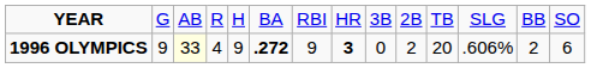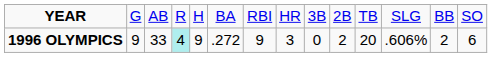 <table class="wikitable">
 <tr align=center>
 <td><strong>YEAR</strong></td>
 <td><a href='#'>G</a></td>
 <td><a href='#'>AB</a></td>
 <td><a href='#'>R</a></td>
 <td><a href='#'>H</a></td>
 <td><a href='#'>BA</a></td>
 <td><a href='#'>RBI</a></td>
 <td><a href='#'>HR</a></td>
 <td><a href='#'>3B</a></td>
 <td><a href='#'>2B</a></td>
 <td><a href='#'>TB</a></td>
 <td><a href='#'>SLG</a></td>
 <td><a href='#'>BB</a></td>
 <td><a href='#'>SO</a></td>
 </tr>
 <tr align=center>
 <td><strong>1996 OLYMPICS</strong></td>
 <td>9</td>
-<td style="background: lightyellow;">33</td>
-<td>4</td>
+<td>33</td>
+<td style="background: paleturquoise;">4</td>
 <td>9</td>
-<td><strong>.272</strong></td>
+<td>.272</td>
 <td>9</td>
-<td><strong>3</strong></td>
+<td>3</td>
 <td>0</td>
 <td>2</td>
 <td>20</td>
 <td>.606%</td>
 <td>2</td>
 <td>6</td>
 </tr>
 </table>
